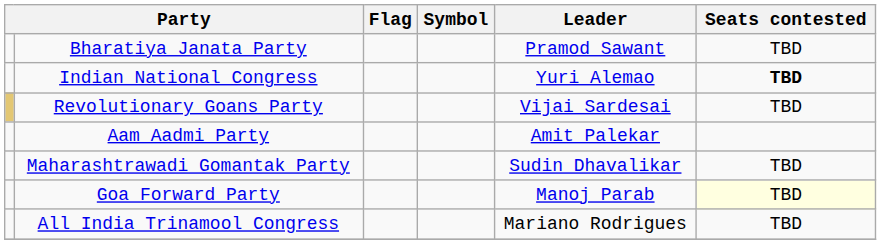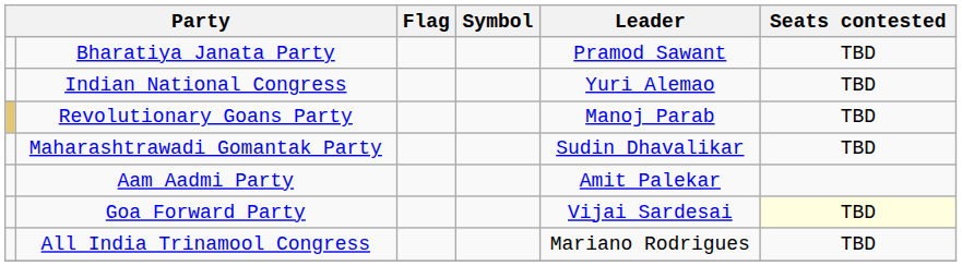 <table class="wikitable" width="50%" style="text-align:center;">
 <tr>
 <th colspan="2">Party</th>
 <th>Flag</th>
 <th>Symbol</th>
 <th>Leader</th>
 <th>Seats contested</th>
 </tr>
 <tr>
 <td></td>
 <td><a href='#'>Bharatiya Janata Party</a></td>
 <td></td>
 <td></td>
 <td><a href='#'>Pramod Sawant</a></td>
 <td>TBD</td>
 </tr>
 <tr>
 <td></td>
 <td><a href='#'>Indian National Congress</a></td>
 <td></td>
 <td></td>
 <td><a href='#'>Yuri Alemao</a></td>
-<td><strong>TBD</strong></td>
+<td>TBD</td>
 </tr>
 <tr>
 <td style="text-align:center; background:#E3C773;color:white" !></td>
 <td><a href='#'>Revolutionary Goans Party</a></td>
 <td></td>
 <td></td>
-<td><a href='#'>Vijai Sardesai</a></td>
+<td><a href='#'>Manoj Parab</a></td>
+<td>TBD</td>
+</tr>
+<tr>
+<td></td>
+<td><a href='#'>Maharashtrawadi Gomantak Party</a></td>
+<td></td>
+<td></td>
+<td><a href='#'>Sudin Dhavalikar</a></td>
 <td>TBD</td>
 </tr>
 <tr>
 <td></td>
 <td><a href='#'>Aam Aadmi Party</a></td>
 <td></td>
 <td></td>
 <td><a href='#'>Amit Palekar</a></td>
 <td></td>
 </tr>
 <tr>
 <td></td>
-<td><a href='#'>Maharashtrawadi Gomantak Party</a></td>
-<td></td>
-<td></td>
-<td><a href='#'>Sudin Dhavalikar</a></td>
-<td>TBD</td>
-</tr>
-<tr>
-<td></td>
 <td><a href='#'>Goa Forward Party</a></td>
 <td></td>
 <td></td>
-<td><a href='#'>Manoj Parab</a></td>
+<td><a href='#'>Vijai Sardesai</a></td>
 <td style="background: lightyellow;">TBD</td>
 </tr>
 <tr>
 <td></td>
 <td><a href='#'>All India Trinamool Congress</a></td>
 <td></td>
 <td></td>
 <td>Mariano Rodrigues</td>
 <td>TBD</td>
 </tr>
 <tr>
 </tr>
 </table>
